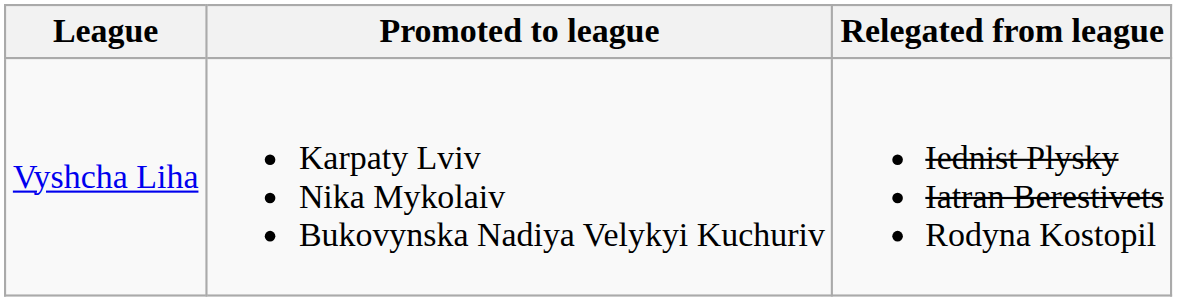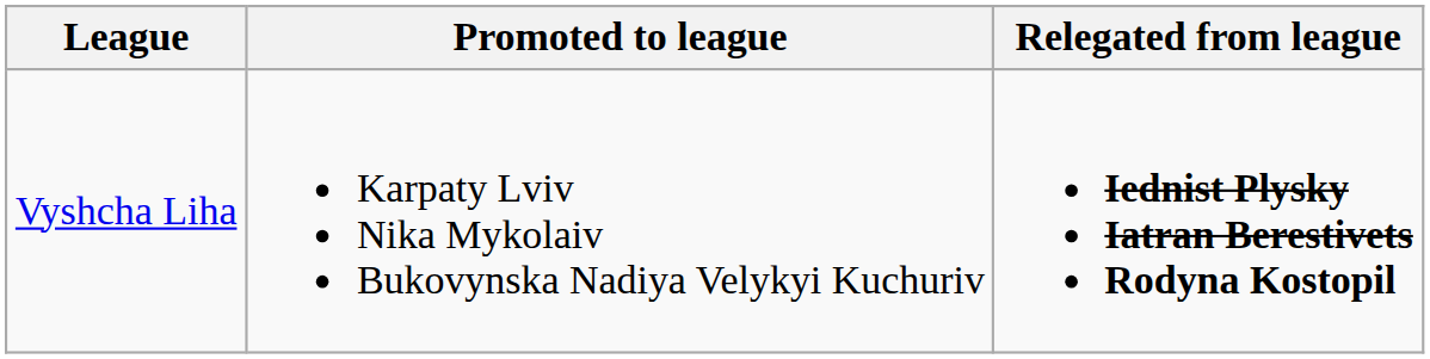 <table class="wikitable">
 <tr>
 <th colspan=2>League</th>
 <th>Promoted to league</th>
 <th>Relegated from league</th>
 </tr>
 <tr>
 <td colspan=2><a href='#'>Vyshcha Liha</a></td>
 <td><br><ul><li>Karpaty Lviv</li><li>Nika Mykolaiv</li><li>Bukovynska Nadiya Velykyi Kuchuriv</li></ul></td>
-<td><br><ul><li><del>Iednist Plysky</del></li><li><del>Iatran Berestivets</del></li><li>Rodyna Kostopil</li></ul></td>
+<td><strong><br><ul><li><del>Iednist Plysky</del></li><li><del>Iatran Berestivets</del></li><li>Rodyna Kostopil</li></ul></strong></td>
 </tr>
 </table>
